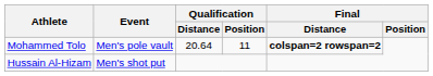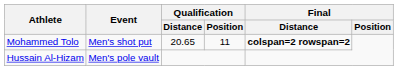 <table class=wikitable style="font-size:90%">
 <tr>
 <th rowspan="2">Athlete</th>
 <th rowspan="2">Event</th>
 <th colspan="2">Qualification</th>
 <th colspan="2">Final</th>
 </tr>
 <tr style="font-size:95%">
 <th>Distance</th>
 <th>Position</th>
 <th>Distance</th>
 <th>Position</th>
 </tr>
 <tr align=center>
 <td align=left><a href='#'>Mohammed Tolo</a></td>
-<td align=left><a href='#'>Men's pole vault</a></td>
-<td>20.64</td>
+<td align=left><a href='#'>Men's shot put</a></td>
+<td>20.65</td>
 <td>11</td>
 <td><strong>colspan=2 rowspan=2 </strong></td>
 </tr>
 <tr align=center>
 <td align=left><a href='#'>Hussain Al-Hizam</a></td>
-<td align=left><a href='#'>Men's shot put</a></td>
+<td align=left><a href='#'>Men's pole vault</a></td>
 <td colspan=2></td>
 </tr>
 </table>
